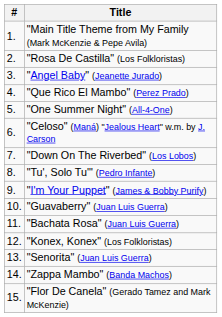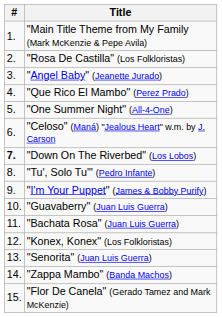 <table class="wikitable">
 <tr>
 <th>#</th>
 <th width="280">Title</th>
 </tr>
 <tr>
 <td>1.</td>
 <td>"Main Title Theme from My Family <small>(Mark McKenzie & Pepe Avila)</small></td>
 </tr>
 <tr>
 <td>2.</td>
 <td>"Rosa De Castilla" <small>(Los Folkloristas)</small></td>
 </tr>
 <tr>
 <td>3.</td>
 <td>"<a href='#'>Angel Baby</a>" <small>(<a href='#'>Jeanette Jurado</a>)</small></td>
 </tr>
 <tr>
 <td>4.</td>
 <td>"Que Rico El Mambo" <small>(<a href='#'>Perez Prado</a>)</small></td>
 </tr>
 <tr>
 <td>5.</td>
 <td>"One Summer Night" <small>(<a href='#'>All-4-One</a>)</small></td>
 </tr>
 <tr>
 <td>6.</td>
 <td>"Celoso" <small>(<a href='#'>Maná</a>) "<a href='#'>Jealous Heart</a>" w.m. by <a href='#'>J. Carson</a></small></td>
 </tr>
 <tr>
-<td>7.</td>
+<td><strong>7.</strong></td>
 <td>"Down On The Riverbed" <small>(<a href='#'>Los Lobos</a>)</small></td>
 </tr>
 <tr>
 <td>8.</td>
 <td>"Tu', Solo Tu'" <small>(<a href='#'>Pedro Infante</a>)</small></td>
 </tr>
 <tr>
 <td>9.</td>
 <td>"<a href='#'>I'm Your Puppet</a>" <small>(<a href='#'>James & Bobby Purify</a>)</small></td>
 </tr>
 <tr>
 <td>10.</td>
 <td>"Guavaberry" <small>(<a href='#'>Juan Luis Guerra</a>)</small></td>
 </tr>
 <tr>
 <td>11.</td>
 <td>"Bachata Rosa" <small>(<a href='#'>Juan Luis Guerra</a>)</small></td>
 </tr>
 <tr>
 <td>12.</td>
 <td>"Konex, Konex" <small>(Los Folkloristas)</small></td>
 </tr>
 <tr>
 <td>13.</td>
 <td>"Senorita" <small>(<a href='#'>Juan Luis Guerra</a>)</small></td>
 </tr>
 <tr>
 <td>14.</td>
 <td>"Zappa Mambo" <small>(<a href='#'>Banda Machos</a>)</small></td>
 </tr>
 <tr>
 <td>15.</td>
 <td>"Flor De Canela" <small>(Gerado Tamez and Mark McKenzie)</small></td>
 </tr>
 </table>
